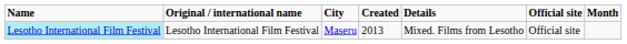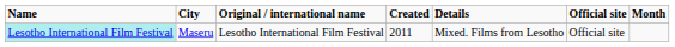 <table class="wikitable">
 <tr>
 <td><strong>Name</strong></td>
+<td><strong>City</strong></td>
 <td><strong>Original / international name</strong></td>
-<td><strong>City</strong></td>
 <td><strong>Created</strong></td>
 <td><strong>Details</strong></td>
 <td><strong>Official site</strong></td>
 <td><strong>Month</strong></td>
 </tr>
 <tr>
 <td style="background: paleturquoise;"><a href='#'>Lesotho International Film Festival</a></td>
+<td><a href='#'>Maseru</a></td>
 <td>Lesotho International Film Festival</td>
-<td><a href='#'>Maseru</a></td>
-<td>2013</td>
+<td>2011</td>
 <td>Mixed. Films from Lesotho</td>
 <td>Official site</td>
 <td></td>
 </tr>
 </table>
